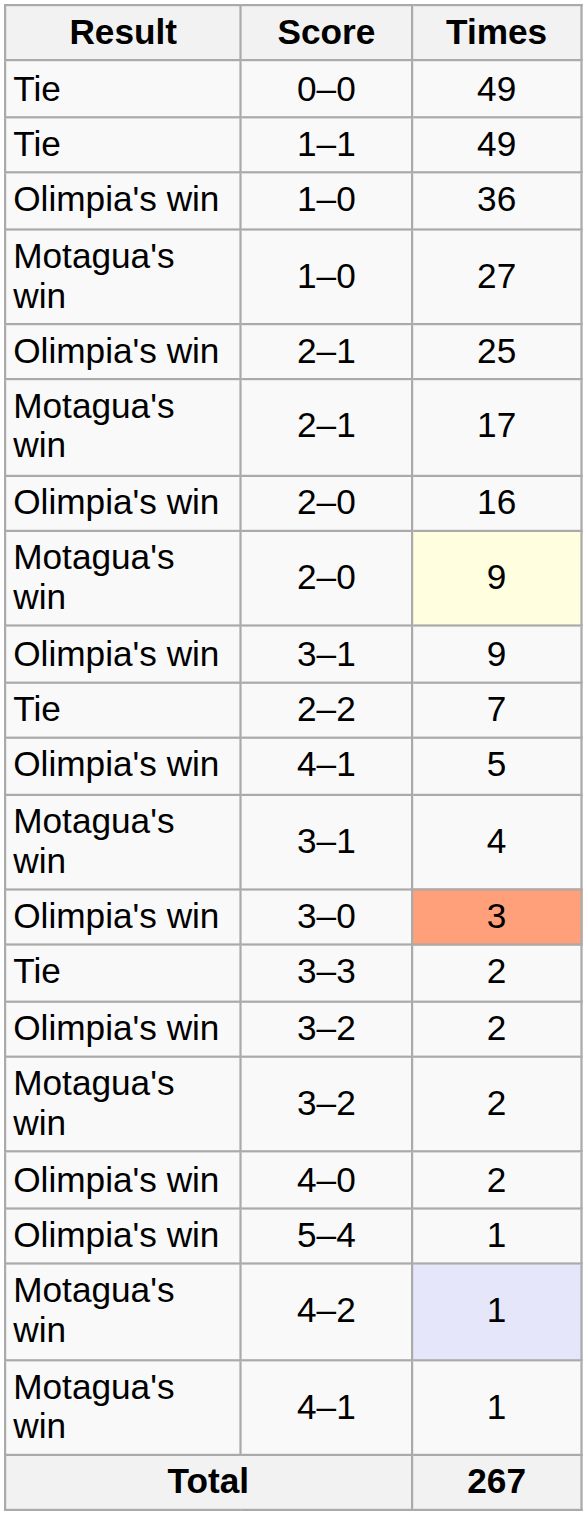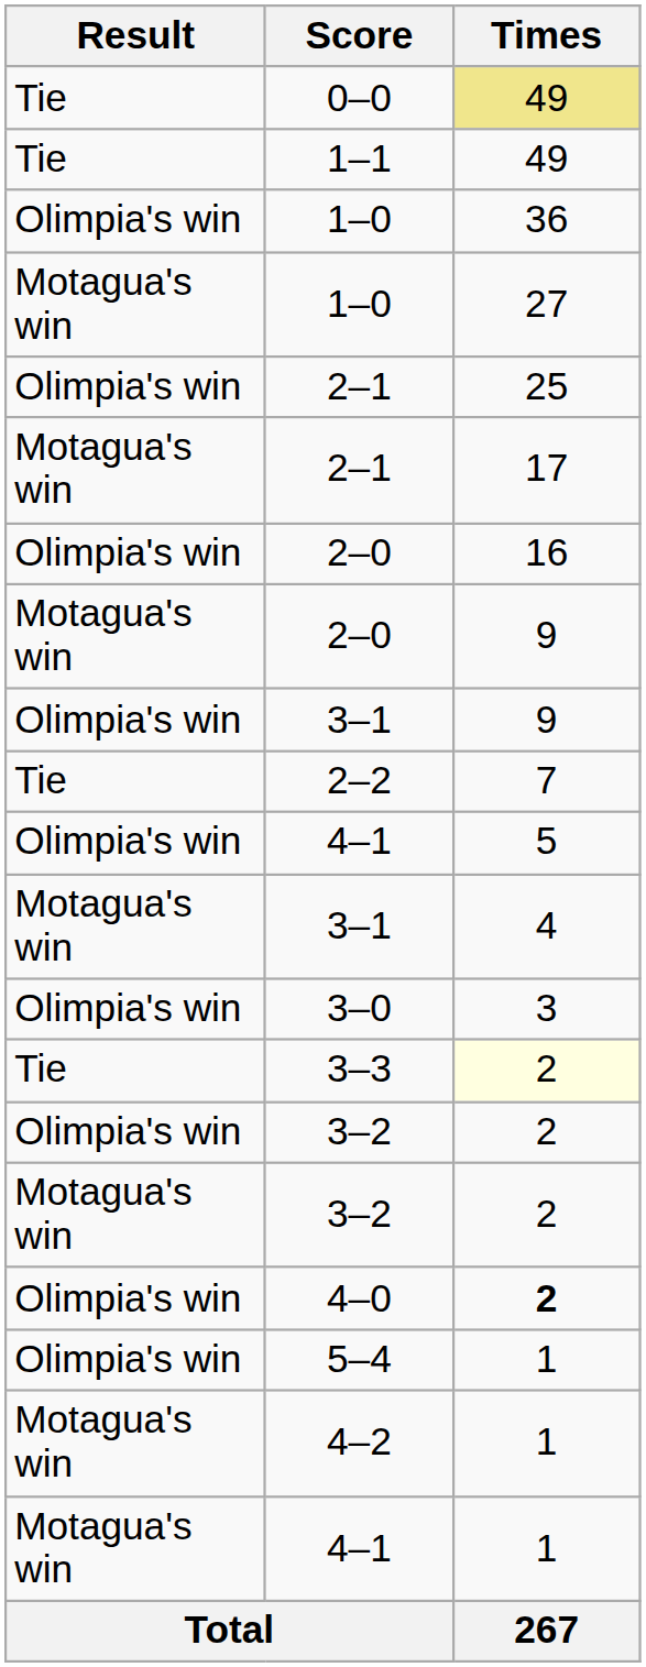 <table class="wikitable">
 <tr>
 <th width="100">Result</th>
 <th width="70">Score</th>
 <th width="70">Times</th>
 </tr>
 <tr>
 <td>Tie</td>
 <td align="center">0–0</td>
-<td align="center">49</td>
+<td align="center" style="background: khaki;">49</td>
 </tr>
 <tr>
 <td>Tie</td>
 <td align="center">1–1</td>
 <td align="center">49</td>
 </tr>
 <tr>
 <td>Olimpia's win</td>
 <td align="center">1–0</td>
 <td align="center">36</td>
 </tr>
 <tr>
 <td>Motagua's win</td>
 <td align="center">1–0</td>
 <td align="center">27</td>
 </tr>
 <tr>
 <td>Olimpia's win</td>
 <td align="center">2–1</td>
 <td align="center">25</td>
 </tr>
 <tr>
 <td>Motagua's win</td>
 <td align="center">2–1</td>
 <td align="center">17</td>
 </tr>
 <tr>
 <td>Olimpia's win</td>
 <td align="center">2–0</td>
 <td align="center">16</td>
 </tr>
 <tr>
 <td>Motagua's win</td>
 <td align="center">2–0</td>
-<td align="center" style="background: lightyellow;">9</td>
+<td align="center">9</td>
 </tr>
 <tr>
 <td>Olimpia's win</td>
 <td align="center">3–1</td>
 <td align="center">9</td>
 </tr>
 <tr>
 <td>Tie</td>
 <td align="center">2–2</td>
 <td align="center">7</td>
 </tr>
 <tr>
 <td>Olimpia's win</td>
 <td align="center">4–1</td>
 <td align="center">5</td>
 </tr>
 <tr>
 <td>Motagua's win</td>
 <td align="center">3–1</td>
 <td align="center">4</td>
 </tr>
 <tr>
 <td>Olimpia's win</td>
 <td align="center">3–0</td>
-<td align="center" style="background: lightsalmon;">3</td>
+<td align="center">3</td>
 </tr>
 <tr>
 <td>Tie</td>
 <td align="center">3–3</td>
-<td align="center">2</td>
+<td align="center" style="background: lightyellow;">2</td>
 </tr>
 <tr>
 <td>Olimpia's win</td>
 <td align="center">3–2</td>
 <td align="center">2</td>
 </tr>
 <tr>
 <td>Motagua's win</td>
 <td align="center">3–2</td>
 <td align="center">2</td>
 </tr>
 <tr>
 <td>Olimpia's win</td>
 <td align="center">4–0</td>
-<td align="center">2</td>
+<td align="center"><strong>2</strong></td>
 </tr>
 <tr>
 <td>Olimpia's win</td>
 <td align="center">5–4</td>
 <td align="center">1</td>
 </tr>
 <tr>
 <td>Motagua's win</td>
 <td align="center">4–2</td>
-<td align="center" style="background: lavender;">1</td>
+<td align="center">1</td>
 </tr>
 <tr>
 <td>Motagua's win</td>
 <td align="center">4–1</td>
 <td align="center">1</td>
 </tr>
 <tr>
 <th colspan="2">Total</th>
 <th>267</th>
 </tr>
 </table>
